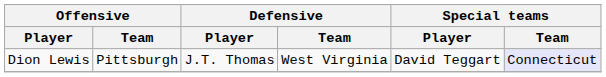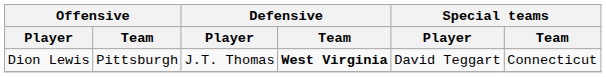 <table class="wikitable" border="1">
 <tr>
 <th colspan="2">Offensive</th>
 <th colspan="2">Defensive</th>
 <th colspan="2">Special teams</th>
 </tr>
 <tr>
 <th>Player</th>
 <th>Team</th>
 <th>Player</th>
 <th>Team</th>
 <th>Player</th>
 <th>Team</th>
 </tr>
 <tr>
 <td>Dion Lewis</td>
 <td>Pittsburgh</td>
 <td>J.T. Thomas</td>
-<td>West Virginia</td>
+<td><strong>West Virginia</strong></td>
 <td>David Teggart</td>
-<td style="background: lavender;">Connecticut</td>
+<td>Connecticut</td>
 </tr>
 <tr>
 </tr>
 </table>
